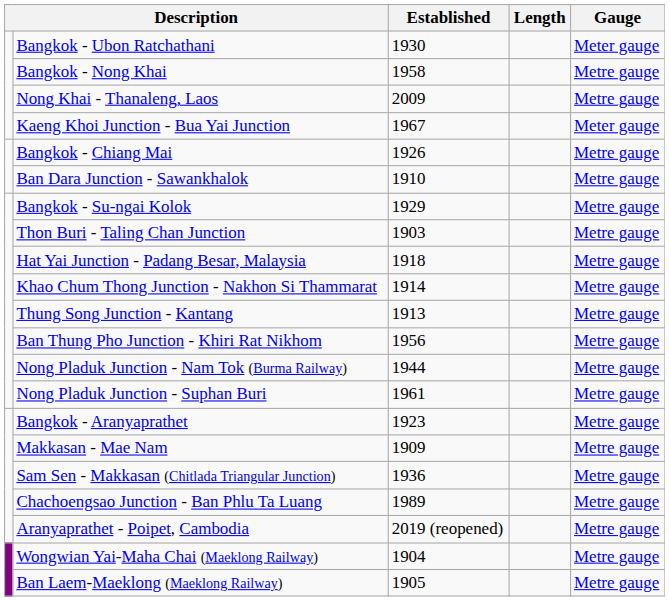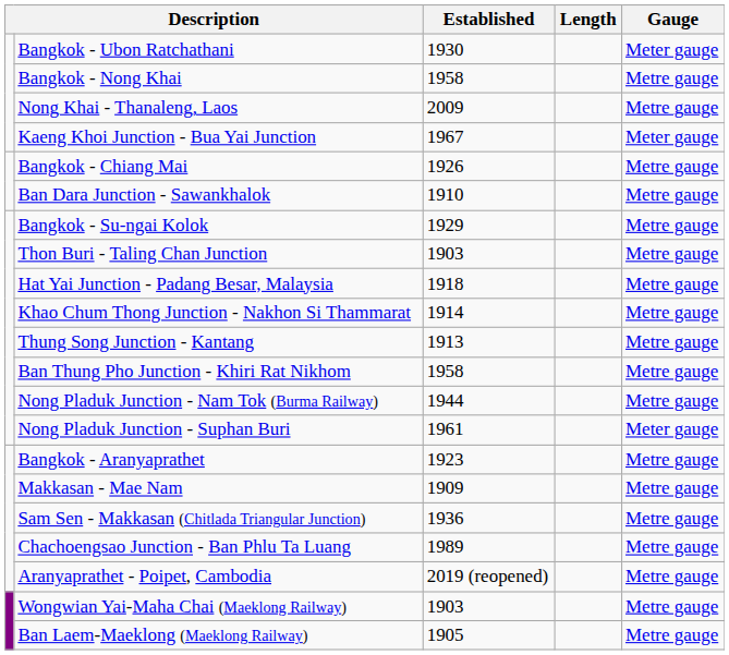 <table width=100% class="wikitable">
 <tr>
 <th colspan="2">Description</th>
 <th>Established</th>
 <th>Length</th>
 <th>Gauge</th>
 </tr>
 <tr>
 <td rowspan=4 bgcolor=></td>
 <td><a href='#'>Bangkok</a> - <a href='#'>Ubon Ratchathani</a></td>
 <td>1930</td>
 <td></td>
 <td><a href='#'>Meter gauge</a></td>
 </tr>
 <tr>
 <td><a href='#'>Bangkok</a> - <a href='#'>Nong Khai</a></td>
 <td>1958</td>
 <td></td>
 <td><a href='#'>Metre gauge</a></td>
 </tr>
 <tr>
 <td><a href='#'>Nong Khai</a> - <a href='#'>Thanaleng, Laos</a></td>
 <td>2009</td>
 <td></td>
 <td><a href='#'>Metre gauge</a></td>
 </tr>
 <tr>
 <td><a href='#'>Kaeng Khoi Junction</a> - <a href='#'>Bua Yai Junction</a></td>
 <td>1967</td>
 <td></td>
 <td><a href='#'>Meter gauge</a></td>
 </tr>
 <tr>
 <td rowspan=2 bgcolor=></td>
 <td><a href='#'>Bangkok</a> - <a href='#'>Chiang Mai</a></td>
 <td>1926</td>
 <td></td>
 <td><a href='#'>Metre gauge</a></td>
 </tr>
 <tr>
 <td><a href='#'>Ban Dara Junction</a> - <a href='#'>Sawankhalok</a></td>
 <td>1910</td>
 <td></td>
 <td><a href='#'>Metre gauge</a></td>
 </tr>
 <tr>
 <td rowspan=8 bgcolor=></td>
 <td><a href='#'>Bangkok</a> - <a href='#'>Su-ngai Kolok</a></td>
 <td>1929</td>
 <td></td>
 <td><a href='#'>Metre gauge</a></td>
 </tr>
 <tr>
 <td><a href='#'>Thon Buri</a> - <a href='#'>Taling Chan Junction</a></td>
 <td>1903</td>
 <td></td>
 <td><a href='#'>Metre gauge</a></td>
 </tr>
 <tr>
 <td><a href='#'>Hat Yai Junction</a> - <a href='#'>Padang Besar, Malaysia</a></td>
 <td>1918</td>
 <td></td>
 <td><a href='#'>Metre gauge</a></td>
 </tr>
 <tr>
 <td><a href='#'>Khao Chum Thong Junction</a> - <a href='#'>Nakhon Si Thammarat</a></td>
 <td>1914</td>
 <td></td>
 <td><a href='#'>Metre gauge</a></td>
 </tr>
 <tr>
 <td><a href='#'>Thung Song Junction</a> - <a href='#'>Kantang</a></td>
 <td>1913</td>
 <td></td>
 <td><a href='#'>Metre gauge</a></td>
 </tr>
 <tr>
 <td><a href='#'>Ban Thung Pho Junction</a> - <a href='#'>Khiri Rat Nikhom</a></td>
-<td>1956</td>
+<td>1958</td>
 <td></td>
 <td><a href='#'>Metre gauge</a></td>
 </tr>
 <tr>
 <td><a href='#'>Nong Pladuk Junction</a> - <a href='#'>Nam Tok</a> <small>(<a href='#'>Burma Railway</a>)</small></td>
 <td>1944</td>
 <td></td>
 <td><a href='#'>Metre gauge</a></td>
 </tr>
 <tr>
 <td><a href='#'>Nong Pladuk Junction</a> - <a href='#'>Suphan Buri</a></td>
 <td>1961</td>
 <td></td>
-<td><a href='#'>Metre gauge</a></td>
+<td><a href='#'>Meter gauge</a></td>
 </tr>
 <tr>
 <td rowspan="5"></td>
 <td><a href='#'>Bangkok</a> - <a href='#'>Aranyaprathet</a></td>
 <td>1923</td>
 <td></td>
 <td><a href='#'>Metre gauge</a></td>
 </tr>
 <tr>
 <td><a href='#'>Makkasan</a> - <a href='#'>Mae Nam</a></td>
 <td>1909</td>
 <td></td>
 <td><a href='#'>Metre gauge</a></td>
 </tr>
 <tr>
 <td><a href='#'>Sam Sen</a> - <a href='#'>Makkasan</a> <small>(<a href='#'>Chitlada Triangular Junction</a>)</small></td>
 <td>1936</td>
 <td></td>
 <td><a href='#'>Metre gauge</a></td>
 </tr>
 <tr>
 <td><a href='#'>Chachoengsao Junction</a> - <a href='#'>Ban Phlu Ta Luang</a></td>
 <td>1989</td>
 <td></td>
 <td><a href='#'>Metre gauge</a></td>
 </tr>
 <tr>
 <td><a href='#'>Aranyaprathet</a> - <a href='#'>Poipet</a>, <a href='#'>Cambodia</a></td>
 <td>2019 (reopened)</td>
 <td></td>
 <td><a href='#'>Metre gauge</a></td>
 </tr>
 <tr>
 <td rowspan="2" bgcolor="purple"></td>
 <td><a href='#'>Wongwian Yai</a>-<a href='#'>Maha Chai</a> <small>(<a href='#'>Maeklong Railway</a>)</small></td>
-<td>1904</td>
+<td>1903</td>
 <td></td>
 <td><a href='#'>Metre gauge</a></td>
 </tr>
 <tr>
 <td><a href='#'>Ban Laem</a>-<a href='#'>Maeklong</a> <small>(<a href='#'>Maeklong Railway</a>)</small></td>
 <td>1905</td>
 <td></td>
 <td><a href='#'>Metre gauge</a></td>
 </tr>
 </table>
